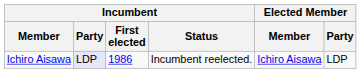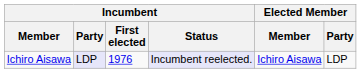 <table class="wikitable sortable">
 <tr>
 <th colspan=4>Incumbent</th>
 <th colspan=2>Elected Member</th>
 </tr>
 <tr>
 <th>Member</th>
 <th>Party</th>
 <th>First<br>elected</th>
 <th>Status</th>
 <th>Member</th>
 <th>Party</th>
 </tr>
 <tr>
 <td><a href='#'>Ichiro Aisawa</a></td>
 <td style="background: lavender;">LDP</td>
-<td><a href='#'>1986</a></td>
-<td>Incumbent reelected.</td>
+<td><a href='#'>1976</a></td>
+<td style="background: lavender;">Incumbent reelected.</td>
 <td><a href='#'>Ichiro Aisawa</a></td>
 <td>LDP</td>
 </tr>
 </table>
